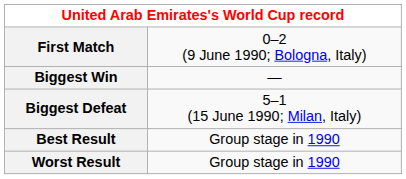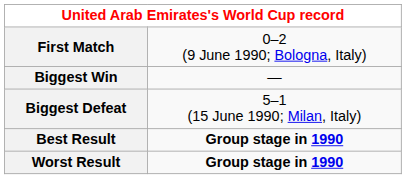 <table class="wikitable collapsible collapsed" style="width:50%; text-align:center;">
 <tr>
 <th style="background:white;color:red;" colspan="6"><strong>United Arab Emirates's World Cup record</strong></th>
 </tr>
 <tr>
 <th>First Match</th>
 <td> 0–2  <br>(9 June 1990; <a href='#'>Bologna</a>, Italy)</td>
 </tr>
 <tr>
 <th>Biggest Win</th>
 <td align=center>—</td>
 </tr>
 <tr>
 <th>Biggest Defeat</th>
 <td> 5–1 <br> (15 June 1990; <a href='#'>Milan</a>, Italy)</td>
 </tr>
 <tr>
 <th>Best Result</th>
-<td>Group stage in <a href='#'>1990</a></td>
+<td><strong>Group stage in <a href='#'>1990</a></strong></td>
 </tr>
 <tr>
 <th>Worst Result</th>
-<td>Group stage in <a href='#'>1990</a></td>
+<td><strong>Group stage in <a href='#'>1990</a></strong></td>
 </tr>
 </table>
